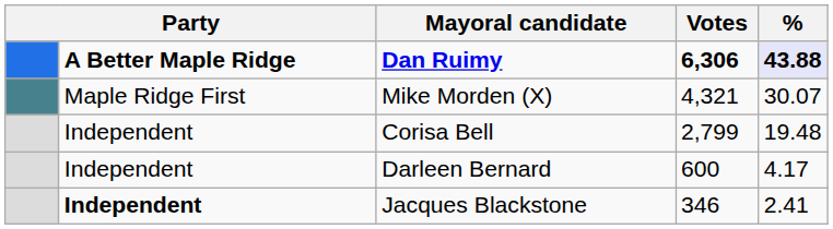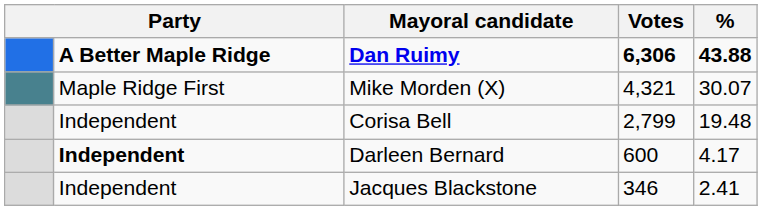 <table class="wikitable">
 <tr>
 <th width="250px" colspan="2">Party</th>
 <th width="200px">Mayoral candidate</th>
 <th width="50px">Votes</th>
 <th width="30px">%</th>
 </tr>
 <tr>
 <td style="background:#2170e6;" width="30px"> </td>
 <td><strong>A Better Maple Ridge</strong></td>
 <td><strong><a href='#'>Dan Ruimy</a></strong> </td>
 <td><strong>6,306</strong></td>
-<td style="background: lavender;"><strong>43.88</strong></td>
+<td><strong>43.88</strong></td>
 </tr>
 <tr>
 <td style="background:#48818e;" width="30px"> </td>
 <td>Maple Ridge First</td>
 <td>Mike Morden (X)</td>
 <td>4,321</td>
 <td>30.07</td>
 </tr>
 <tr>
 <td style="background:gainsboro" width="30px"> </td>
 <td>Independent</td>
 <td>Corisa Bell</td>
 <td>2,799</td>
 <td>19.48</td>
 </tr>
 <tr>
 <td style="background:gainsboro" width="30px"> </td>
-<td>Independent</td>
+<td><strong>Independent</strong></td>
 <td>Darleen Bernard</td>
 <td>600</td>
 <td>4.17</td>
 </tr>
 <tr>
 <td style="background:gainsboro" width="30px"> </td>
-<td><strong>Independent</strong></td>
+<td>Independent</td>
 <td>Jacques Blackstone</td>
 <td>346</td>
 <td>2.41</td>
 </tr>
 </table>
